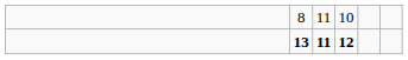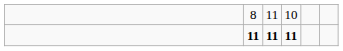 <table class="wikitable">
 <tr>
 <td style="width:18em"></td>
 <td align=center style="width:1em">8</td>
 <td align=center style="width:1em">11</td>
 <td align=center style="width:1em">10</td>
 <td align=center style="width:1em"></td>
 <td align=center style="width:1em"></td>
 </tr>
 <tr>
 <td style="width:18em"></td>
-<td align=center style="width:1em"><strong>13</strong></td>
 <td align=center style="width:1em"><strong>11</strong></td>
-<td align=center style="width:1em"><strong>12</strong></td>
+<td align=center style="width:1em"><strong>11</strong></td>
+<td align=center style="width:1em"><strong>11</strong></td>
 <td align=center style="width:1em"></td>
 <td align=center style="width:1em"></td>
 </tr>
 </table>
